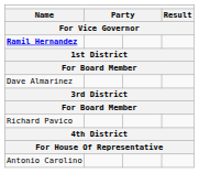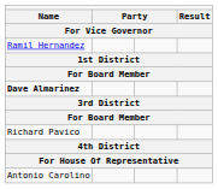 <table class="wikitable" style="font-size:90%">
 <tr>
 <td colspan="5" style="color:inherit;background:"></td>
 </tr>
 <tr>
 <th !width=150px>Name</th>
 <th colspan=2 width=110px>Party</th>
 <th>Result</th>
 </tr>
 <tr>
 <th colspan="5">For Vice Governor</th>
 </tr>
 <tr>
-<td><strong><a href='#'>Ramil Hernandez</a></strong></td>
+<td><a href='#'>Ramil Hernandez</a></td>
 <td></td>
 <td></td>
 </tr>
 <tr>
 <th colspan="5">1st District</th>
 </tr>
 <tr>
 <th colspan="5">For Board Member</th>
 </tr>
 <tr>
-<td>Dave Almarinez</td>
+<td><strong>Dave Almarinez</strong></td>
 <td></td>
 <td></td>
 </tr>
 <tr>
 <th colspan="5">3rd District</th>
 </tr>
 <tr>
 <th colspan="5">For Board Member</th>
 </tr>
 <tr>
 <td>Richard Pavico</td>
 <td></td>
 <td></td>
 </tr>
 <tr>
 <th colspan="5">4th District</th>
 </tr>
 <tr>
 <th colspan="5">For House Of Representative</th>
 </tr>
 <tr>
 <td>Antonio Carolino</td>
 <td></td>
 <td></td>
 </tr>
 </table>
